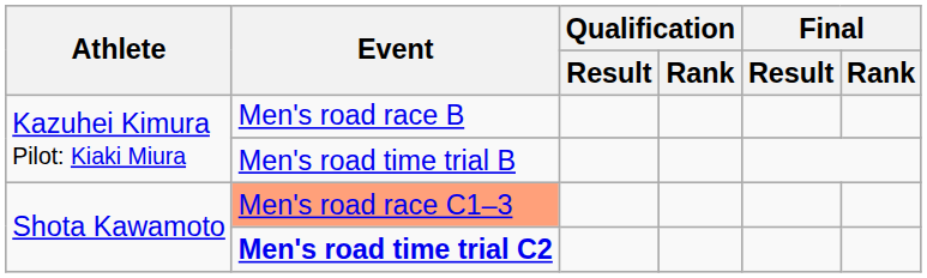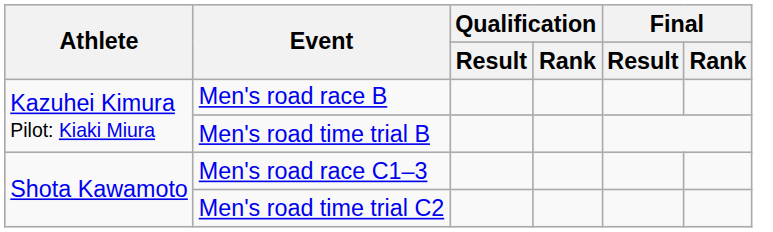 <table class=wikitable style="font-size:90%">
 <tr>
 <th rowspan="2">Athlete</th>
 <th rowspan="2">Event</th>
 <th colspan="2">Qualification</th>
 <th colspan="2">Final</th>
 </tr>
 <tr>
 <th>Result</th>
 <th>Rank</th>
 <th>Result</th>
 <th>Rank</th>
 </tr>
 <tr align=center>
 <td align=left rowspan=2><a href='#'>Kazuhei Kimura</a><br><small>Pilot: <a href='#'>Kiaki Miura</a> </small></td>
 <td align=left><a href='#'>Men's road race B</a></td>
 <td></td>
 <td></td>
 <td></td>
 <td></td>
 </tr>
 <tr align=center>
 <td align=left><a href='#'>Men's road time trial B</a></td>
 <td></td>
 <td></td>
 <td colspan=2></td>
 </tr>
 <tr align=center>
 <td align=left rowspan=2><a href='#'>Shota Kawamoto</a></td>
-<td align=left style="background: lightsalmon;"><a href='#'>Men's road race C1–3</a></td>
+<td align=left><a href='#'>Men's road race C1–3</a></td>
 <td></td>
 <td></td>
 <td></td>
 <td></td>
 </tr>
 <tr align=center>
-<td align=left><strong><a href='#'>Men's road time trial C2</a></strong></td>
+<td align=left><a href='#'>Men's road time trial C2</a></td>
 <td></td>
 <td></td>
 <td></td>
 <td></td>
 </tr>
 </table>
